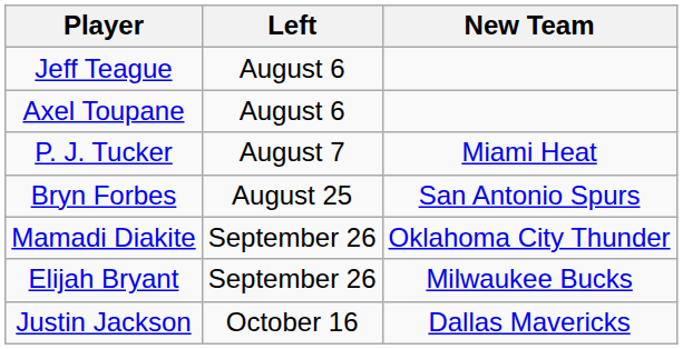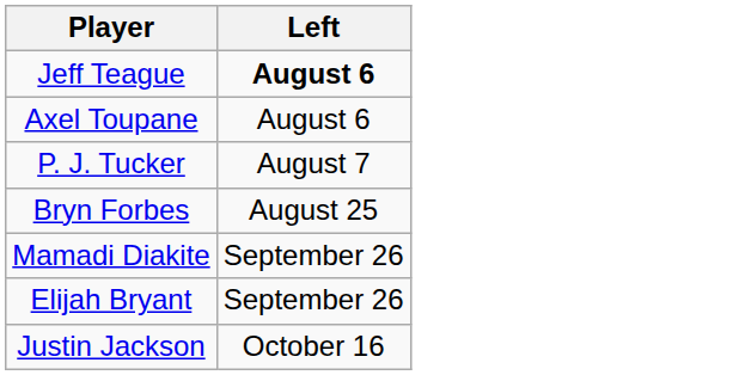 <table class="wikitable sortable sortable">
 <tr>
 <th>Player</th>
 <th>Left</th>
-<th>New Team</th>
 </tr>
 <tr style="text-align: center">
 <td><a href='#'>Jeff Teague</a></td>
-<td>August 6</td>
-<td></td>
+<td><strong>August 6</strong></td>
 </tr>
 <tr style="text-align: center">
 <td><a href='#'>Axel Toupane</a></td>
 <td>August 6</td>
-<td></td>
 </tr>
 <tr style="text-align: center">
 <td><a href='#'>P. J. Tucker</a></td>
 <td>August 7</td>
-<td><a href='#'>Miami Heat</a></td>
 </tr>
 <tr style="text-align: center">
 <td><a href='#'>Bryn Forbes</a></td>
 <td>August 25</td>
-<td><a href='#'>San Antonio Spurs</a></td>
 </tr>
 <tr style="text-align: center">
 <td><a href='#'>Mamadi Diakite</a></td>
 <td>September 26</td>
-<td><a href='#'>Oklahoma City Thunder</a></td>
 </tr>
 <tr style="text-align: center">
 <td><a href='#'>Elijah Bryant</a></td>
 <td>September 26</td>
-<td><a href='#'>Milwaukee Bucks</a></td>
 </tr>
 <tr style="text-align: center">
 <td><a href='#'>Justin Jackson</a></td>
 <td>October 16</td>
-<td><a href='#'>Dallas Mavericks</a></td>
 </tr>
 </table>
